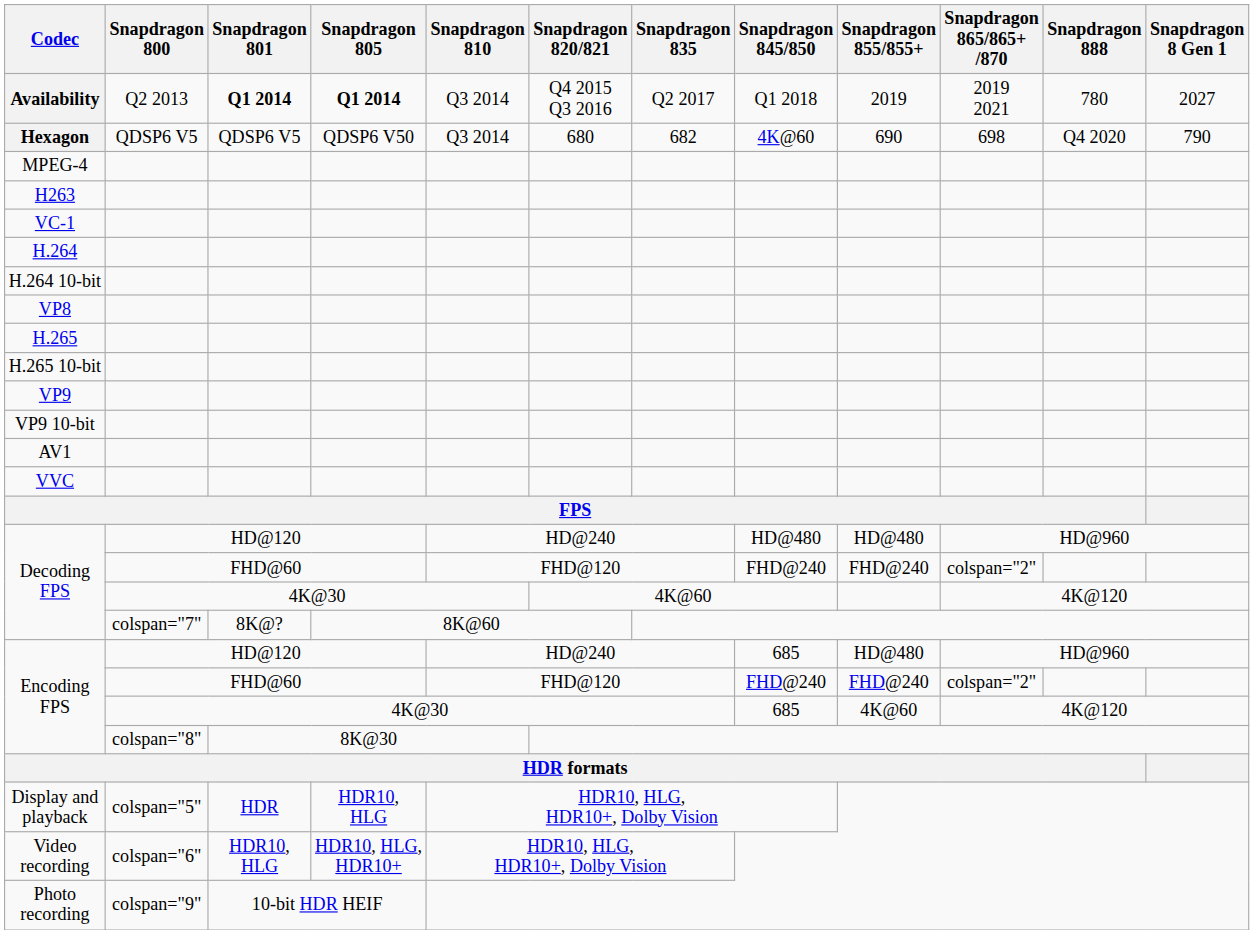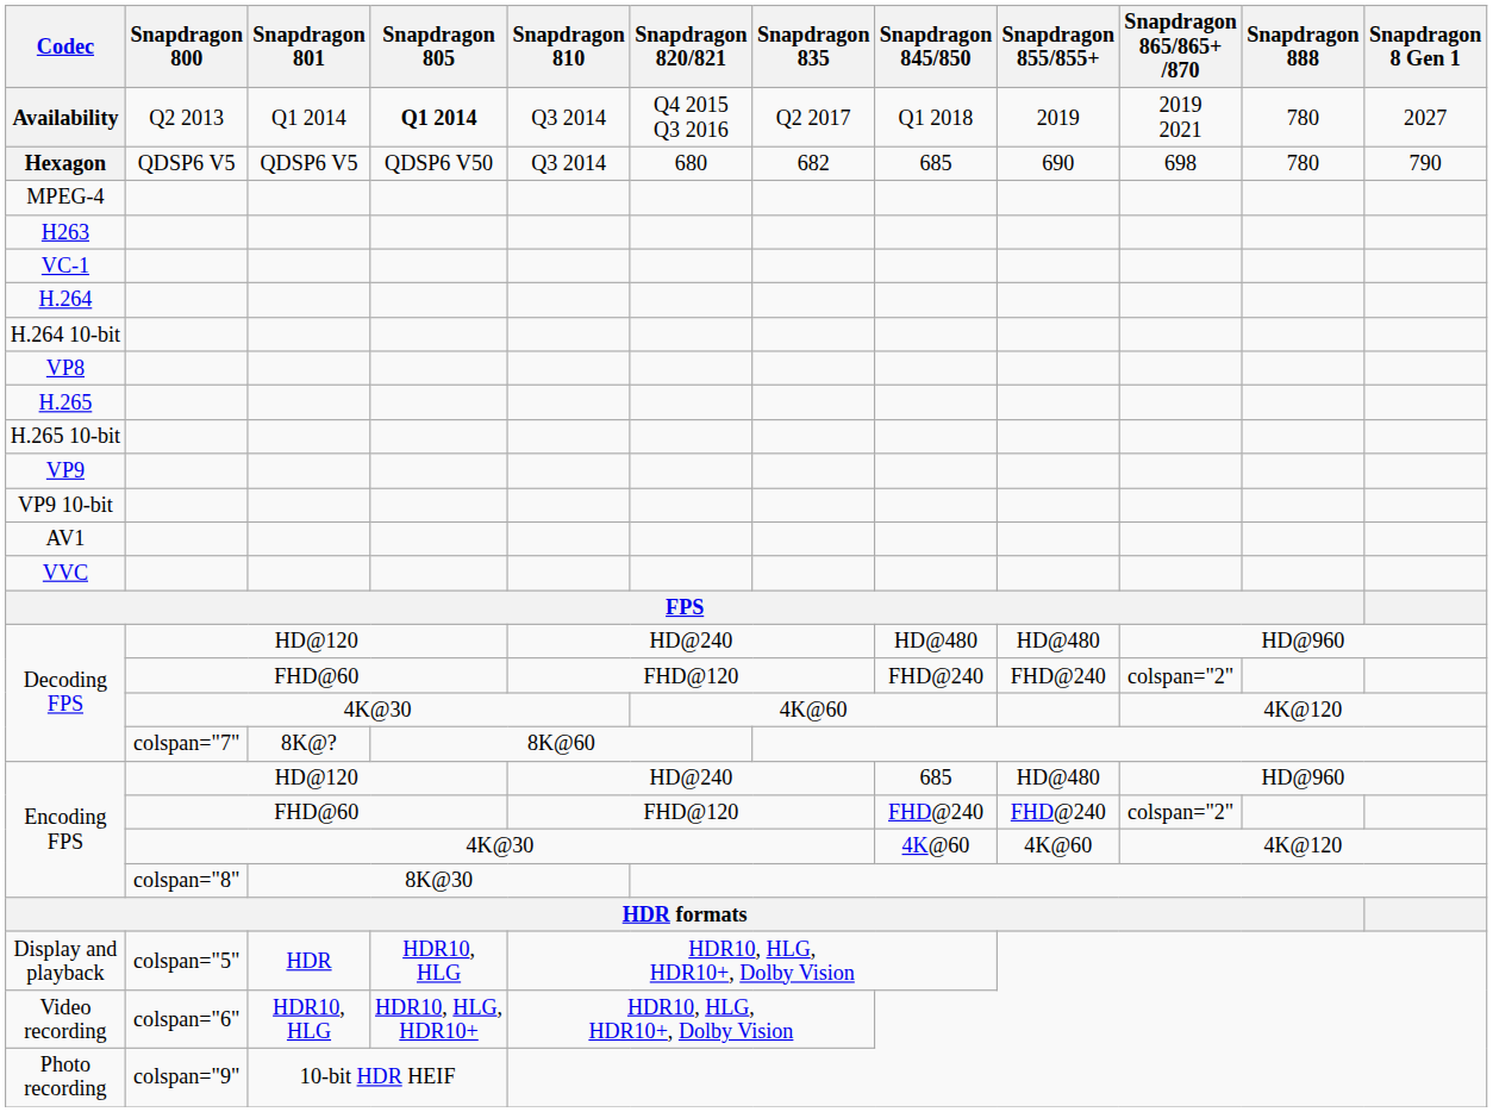 <table class="wikitable" style="text-align: center;">
 <tr>
 <th><a href='#'>Codec</a></th>
 <th>Snapdragon<br>800</th>
 <th>Snapdragon<br>801</th>
 <th>Snapdragon<br>805</th>
 <th>Snapdragon<br>810</th>
 <th>Snapdragon<br>820/821</th>
 <th>Snapdragon<br>835</th>
 <th>Snapdragon<br>845/850</th>
 <th>Snapdragon<br>855/855+</th>
 <th>Snapdragon<br>865/865+<br>/870</th>
 <th>Snapdragon<br>888</th>
 <th>Snapdragon<br>8 Gen 1</th>
 </tr>
 <tr>
 <th>Availability</th>
 <td>Q2 2013</td>
-<td><strong>Q1 2014</strong></td>
+<td>Q1 2014</td>
 <td><strong>Q1 2014</strong></td>
 <td>Q3 2014</td>
 <td>Q4 2015<br>Q3 2016</td>
 <td>Q2 2017</td>
 <td>Q1 2018</td>
 <td>2019</td>
 <td>2019<br>2021</td>
 <td>780</td>
 <td>2027</td>
 </tr>
 <tr>
 <th>Hexagon</th>
 <td>QDSP6 V5</td>
 <td>QDSP6 V5</td>
 <td>QDSP6 V50</td>
 <td>Q3 2014</td>
 <td>680</td>
 <td>682</td>
-<td><a href='#'>4K</a>@60</td>
+<td>685</td>
 <td>690</td>
 <td>698</td>
-<td>Q4 2020</td>
+<td>780</td>
 <td>790</td>
 </tr>
 <tr>
 <td>MPEG-4</td>
 <td></td>
 <td></td>
 <td></td>
 <td></td>
 <td></td>
 <td></td>
 <td></td>
 <td></td>
 <td></td>
 <td></td>
 <td></td>
 </tr>
 <tr>
 <td><a href='#'>H263</a></td>
 <td></td>
 <td></td>
 <td></td>
 <td></td>
 <td></td>
 <td></td>
 <td></td>
 <td></td>
 <td></td>
 <td></td>
 <td></td>
 </tr>
 <tr>
 <td><a href='#'>VC-1</a></td>
 <td></td>
 <td></td>
 <td></td>
 <td></td>
 <td></td>
 <td></td>
 <td></td>
 <td></td>
 <td></td>
 <td></td>
 <td></td>
 </tr>
 <tr>
 <td><a href='#'>H.264</a></td>
 <td></td>
 <td></td>
 <td></td>
 <td></td>
 <td></td>
 <td></td>
 <td></td>
 <td></td>
 <td></td>
 <td></td>
 <td></td>
 </tr>
 <tr>
 <td>H.264 10-bit</td>
 <td></td>
 <td></td>
 <td></td>
 <td></td>
 <td></td>
 <td></td>
 <td></td>
 <td></td>
 <td></td>
 <td></td>
 <td></td>
 </tr>
 <tr>
 <td><a href='#'>VP8</a></td>
 <td></td>
 <td></td>
 <td></td>
 <td></td>
 <td></td>
 <td></td>
 <td></td>
 <td></td>
 <td></td>
 <td></td>
 <td></td>
 </tr>
 <tr>
 <td><a href='#'>H.265</a></td>
 <td></td>
 <td></td>
 <td></td>
 <td></td>
 <td></td>
 <td></td>
 <td></td>
 <td></td>
 <td></td>
 <td></td>
 <td></td>
 </tr>
 <tr>
 <td>H.265 10-bit</td>
 <td></td>
 <td></td>
 <td></td>
 <td></td>
 <td></td>
 <td></td>
 <td></td>
 <td></td>
 <td></td>
 <td></td>
 <td></td>
 </tr>
 <tr>
 <td><a href='#'>VP9</a></td>
 <td></td>
 <td></td>
 <td></td>
 <td></td>
 <td></td>
 <td></td>
 <td></td>
 <td></td>
 <td></td>
 <td></td>
 <td></td>
 </tr>
 <tr>
 <td>VP9 10-bit</td>
 <td></td>
 <td></td>
 <td></td>
 <td></td>
 <td></td>
 <td></td>
 <td></td>
 <td></td>
 <td></td>
 <td></td>
 <td></td>
 </tr>
 <tr>
 <td>AV1</td>
 <td></td>
 <td></td>
 <td></td>
 <td></td>
 <td></td>
 <td></td>
 <td></td>
 <td></td>
 <td></td>
 <td></td>
 <td></td>
 </tr>
 <tr>
 <td><a href='#'>VVC</a></td>
 <td></td>
 <td></td>
 <td></td>
 <td></td>
 <td></td>
 <td></td>
 <td></td>
 <td></td>
 <td></td>
 <td></td>
 <td></td>
 </tr>
 <tr>
 <th colspan="11"><a href='#'>FPS</a></th>
 <th></th>
 </tr>
 <tr>
 <td rowspan="4">Decoding<br><a href='#'>FPS</a></td>
 <td colspan="3">HD@120</td>
 <td colspan="3">HD@240</td>
 <td>HD@480</td>
 <td>HD@480</td>
 <td colspan="3">HD@960</td>
 </tr>
 <tr>
 <td colspan="3">FHD@60</td>
 <td colspan="3">FHD@120</td>
 <td>FHD@240</td>
 <td>FHD@240</td>
 <td>colspan="2" </td>
 <td></td>
 </tr>
 <tr>
 <td colspan="4">4K@30</td>
 <td colspan="3">4K@60</td>
 <td></td>
 <td colspan="3">4K@120</td>
 </tr>
 <tr>
 <td>colspan="7" </td>
 <td>8K@?</td>
 <td colspan="3">8K@60</td>
 </tr>
 <tr>
 <td rowspan="4">Encoding<br>FPS</td>
 <td colspan="3">HD@120</td>
 <td colspan="3">HD@240</td>
 <td>685</td>
 <td>HD@480</td>
 <td colspan="3">HD@960</td>
 </tr>
 <tr>
 <td colspan="3">FHD@60</td>
 <td colspan="3">FHD@120</td>
 <td><a href='#'>FHD</a>@240</td>
 <td><a href='#'>FHD</a>@240</td>
 <td>colspan="2" </td>
 <td></td>
 </tr>
 <tr>
 <td colspan="6">4K@30</td>
-<td>685</td>
+<td><a href='#'>4K</a>@60</td>
 <td>4K@60</td>
 <td colspan="3">4K@120</td>
 </tr>
 <tr>
 <td>colspan="8" </td>
 <td colspan="3">8K@30</td>
 </tr>
 <tr>
 <th colspan="11"><a href='#'>HDR</a> formats</th>
 <th></th>
 </tr>
 <tr>
 <td>Display and<br>playback</td>
 <td>colspan="5" </td>
 <td><a href='#'>HDR</a></td>
 <td><a href='#'>HDR10</a>,<br><a href='#'>HLG</a></td>
 <td colspan="4"><a href='#'>HDR10</a>, <a href='#'>HLG</a>,<br><a href='#'>HDR10+</a>, <a href='#'>Dolby Vision</a></td>
 </tr>
 <tr>
 <td>Video<br>recording</td>
 <td>colspan="6" </td>
 <td><a href='#'>HDR10</a>,<br><a href='#'>HLG</a></td>
 <td><a href='#'>HDR10</a>, <a href='#'>HLG</a>,<br><a href='#'>HDR10+</a></td>
 <td colspan="3"><a href='#'>HDR10</a>, <a href='#'>HLG</a>,<br><a href='#'>HDR10+</a>, <a href='#'>Dolby Vision</a></td>
 </tr>
 <tr>
 <td>Photo<br>recording</td>
 <td>colspan="9" </td>
 <td colspan="2">10-bit <a href='#'>HDR</a> HEIF</td>
 </tr>
 </table>
